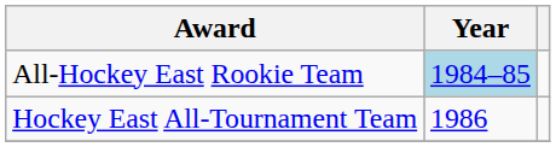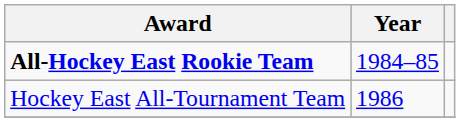 <table class="wikitable">
 <tr>
 <th>Award</th>
 <th>Year</th>
 <th></th>
 </tr>
 <tr>
-<td>All-<a href='#'>Hockey East</a> <a href='#'>Rookie Team</a></td>
-<td style="background: lightblue;"><a href='#'>1984–85</a></td>
+<td><strong>All-<a href='#'>Hockey East</a> <a href='#'>Rookie Team</a></strong></td>
+<td><a href='#'>1984–85</a></td>
 <td></td>
 </tr>
 <tr>
 <td><a href='#'>Hockey East</a> <a href='#'>All-Tournament Team</a></td>
 <td><a href='#'>1986</a></td>
 <td></td>
 </tr>
 <tr>
 </tr>
 </table>
